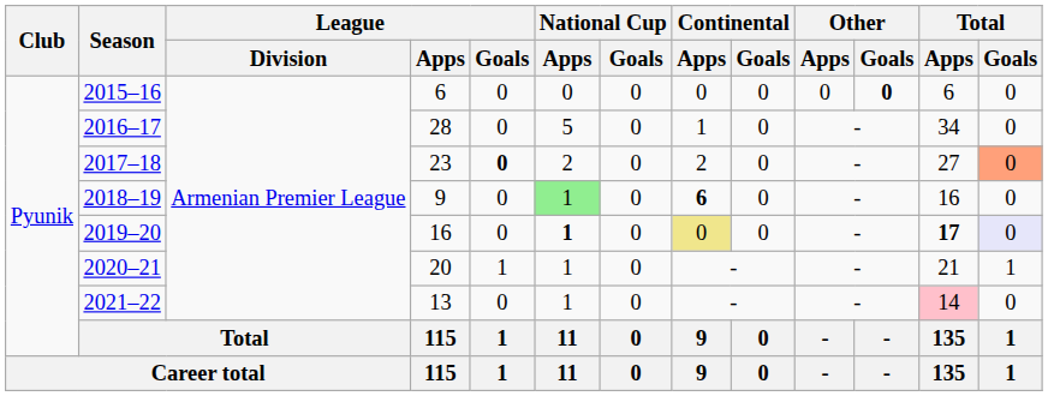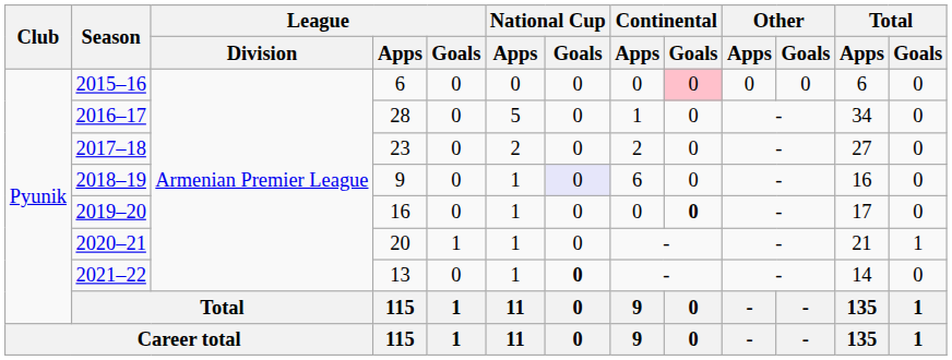 <table class="wikitable" style="text-align:center">
 <tr>
 <th rowspan="2">Club</th>
 <th rowspan="2">Season</th>
 <th colspan="3">League</th>
 <th colspan="2">National Cup</th>
 <th colspan="2">Continental</th>
 <th colspan="2">Other</th>
 <th colspan="2">Total</th>
 </tr>
 <tr>
 <th>Division</th>
 <th>Apps</th>
 <th>Goals</th>
 <th>Apps</th>
 <th>Goals</th>
 <th>Apps</th>
 <th>Goals</th>
 <th>Apps</th>
 <th>Goals</th>
 <th>Apps</th>
 <th>Goals</th>
 </tr>
 <tr>
 <td rowspan="8"><a href='#'>Pyunik</a></td>
 <td><a href='#'>2015–16</a></td>
 <td rowspan="7"><a href='#'>Armenian Premier League</a></td>
 <td>6</td>
 <td>0</td>
 <td>0</td>
 <td>0</td>
 <td>0</td>
+<td style="background: pink;">0</td>
 <td>0</td>
 <td>0</td>
-<td><strong>0</strong></td>
 <td>6</td>
 <td>0</td>
 </tr>
 <tr>
 <td><a href='#'>2016–17</a></td>
 <td>28</td>
 <td>0</td>
 <td>5</td>
 <td>0</td>
 <td>1</td>
 <td>0</td>
 <td colspan="2">-</td>
 <td>34</td>
 <td>0</td>
 </tr>
 <tr>
 <td><a href='#'>2017–18</a></td>
 <td>23</td>
-<td><strong>0</strong></td>
+<td>0</td>
 <td>2</td>
 <td>0</td>
 <td>2</td>
 <td>0</td>
 <td colspan="2">-</td>
 <td>27</td>
-<td style="background: lightsalmon;">0</td>
+<td>0</td>
 </tr>
 <tr>
 <td><a href='#'>2018–19</a></td>
 <td>9</td>
 <td>0</td>
-<td style="background: lightgreen;">1</td>
-<td>0</td>
-<td><strong>6</strong></td>
+<td>1</td>
+<td style="background: lavender;">0</td>
+<td>6</td>
 <td>0</td>
 <td colspan="2">-</td>
 <td>16</td>
 <td>0</td>
 </tr>
 <tr>
 <td><a href='#'>2019–20</a></td>
 <td>16</td>
 <td>0</td>
-<td><strong>1</strong></td>
+<td>1</td>
 <td>0</td>
-<td style="background: khaki;">0</td>
 <td>0</td>
+<td><strong>0</strong></td>
 <td colspan="2">-</td>
-<td><strong>17</strong></td>
-<td style="background: lavender;">0</td>
+<td>17</td>
+<td>0</td>
 </tr>
 <tr>
 <td><a href='#'>2020–21</a></td>
 <td>20</td>
 <td>1</td>
 <td>1</td>
 <td>0</td>
 <td colspan="2">-</td>
 <td colspan="2">-</td>
 <td>21</td>
 <td>1</td>
 </tr>
 <tr>
 <td><a href='#'>2021–22</a></td>
 <td>13</td>
 <td>0</td>
 <td>1</td>
-<td>0</td>
+<td><strong>0</strong></td>
 <td colspan="2">-</td>
 <td colspan="2">-</td>
-<td style="background: pink;">14</td>
+<td>14</td>
 <td>0</td>
 </tr>
 <tr>
 <th colspan="2">Total</th>
 <th>115</th>
 <th>1</th>
 <th>11</th>
 <th>0</th>
 <th>9</th>
 <th>0</th>
 <th>-</th>
 <th>-</th>
 <th>135</th>
 <th>1</th>
 </tr>
 <tr>
 <th colspan="3">Career total</th>
 <th>115</th>
 <th>1</th>
 <th>11</th>
 <th>0</th>
 <th>9</th>
 <th>0</th>
 <th>-</th>
 <th>-</th>
 <th>135</th>
 <th>1</th>
 </tr>
 </table>
